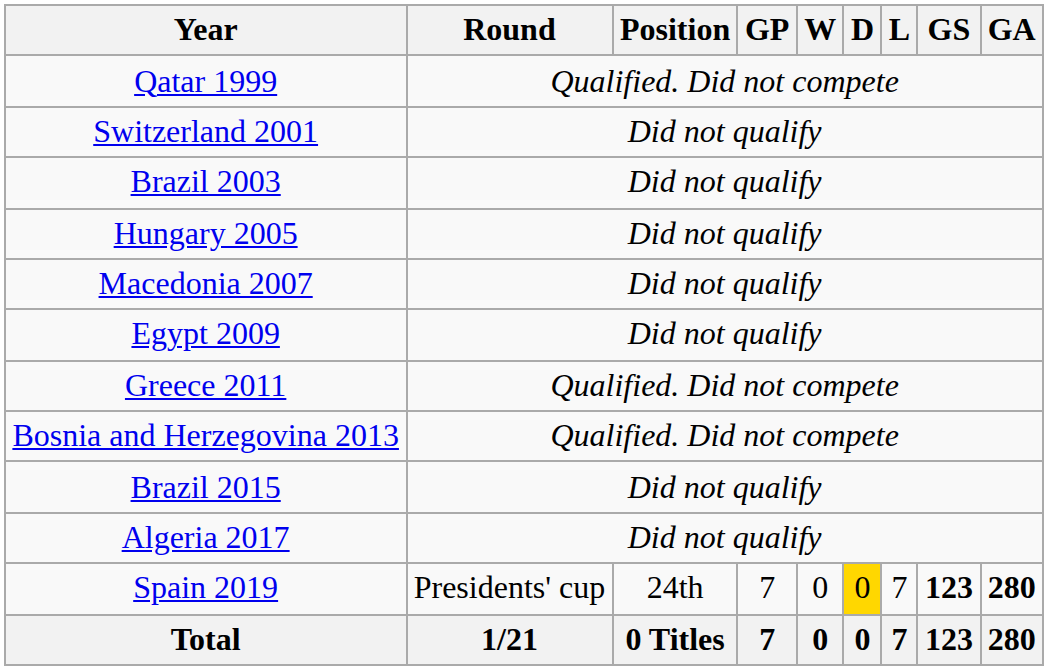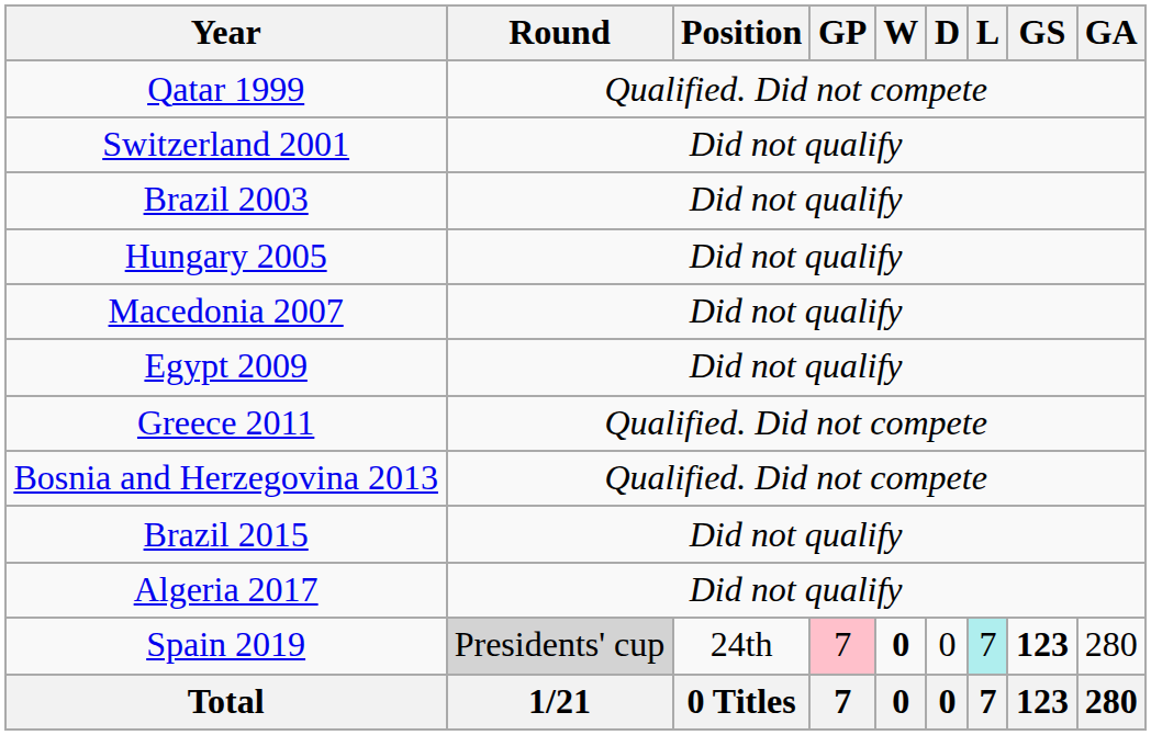 <table class="wikitable" style="text-align: center;">
 <tr>
 <th>Year</th>
 <th>Round</th>
 <th>Position</th>
 <th>GP</th>
 <th>W</th>
 <th>D</th>
 <th>L</th>
 <th>GS</th>
 <th>GA</th>
 </tr>
 <tr>
 <td><a href='#'>Qatar 1999</a></td>
 <td colspan="9"><em>Qualified. Did not compete</em></td>
 </tr>
 <tr>
 <td><a href='#'>Switzerland 2001</a></td>
 <td colspan="9"><em>Did not qualify</em></td>
 </tr>
 <tr>
 <td><a href='#'>Brazil 2003</a></td>
 <td colspan="9"><em>Did not qualify</em></td>
 </tr>
 <tr>
 <td><a href='#'>Hungary 2005</a></td>
 <td colspan="9"><em>Did not qualify</em></td>
 </tr>
 <tr>
 <td><a href='#'>Macedonia 2007</a></td>
 <td colspan="9"><em>Did not qualify</em></td>
 </tr>
 <tr>
 <td><a href='#'>Egypt 2009</a></td>
 <td colspan="9"><em>Did not qualify</em></td>
 </tr>
 <tr>
 <td><a href='#'>Greece 2011</a></td>
 <td colspan="9"><em>Qualified. Did not compete</em></td>
 </tr>
 <tr>
 <td><a href='#'>Bosnia and Herzegovina 2013</a></td>
 <td colspan="9"><em>Qualified. Did not compete</em></td>
 </tr>
 <tr>
 <td><a href='#'>Brazil 2015</a></td>
 <td colspan="9"><em>Did not qualify</em></td>
 </tr>
 <tr>
 <td><a href='#'>Algeria 2017</a></td>
 <td colspan="9"><em>Did not qualify</em></td>
 </tr>
 <tr>
 <td><a href='#'>Spain 2019</a></td>
-<td>Presidents' cup</td>
+<td style="background: lightgrey;">Presidents' cup</td>
 <td>24th</td>
-<td>7</td>
+<td style="background: pink;">7</td>
+<td><strong>0</strong></td>
 <td>0</td>
-<td style="background: gold;">0</td>
-<td>7</td>
+<td style="background: paleturquoise;">7</td>
 <td><strong>123</strong></td>
-<td><strong>280</strong></td>
+<td>280</td>
 </tr>
 <tr>
 <th>Total</th>
 <th>1/21</th>
 <th>0 Titles</th>
 <th>7</th>
 <th>0</th>
 <th>0</th>
 <th>7</th>
 <th>123</th>
 <th>280</th>
 </tr>
 </table>
